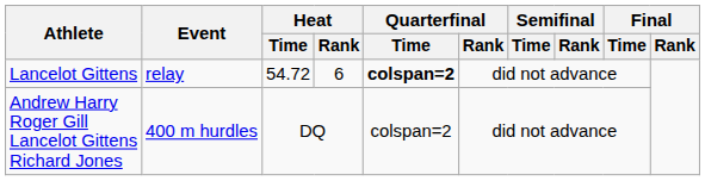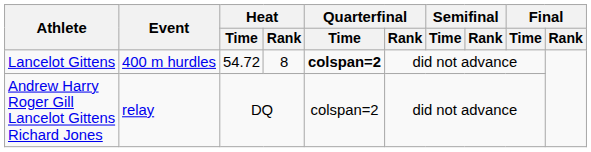 <table class=wikitable style=font-size:90%;text-align:center>
 <tr>
 <th rowspan=2>Athlete</th>
 <th rowspan=2>Event</th>
 <th colspan=2>Heat</th>
 <th colspan=2>Quarterfinal</th>
 <th colspan=2>Semifinal</th>
 <th colspan=2>Final</th>
 </tr>
 <tr style=font-size:95%>
 <th>Time</th>
 <th>Rank</th>
 <th>Time</th>
 <th>Rank</th>
 <th>Time</th>
 <th>Rank</th>
 <th>Time</th>
 <th>Rank</th>
 </tr>
 <tr>
 <td align=left><a href='#'>Lancelot Gittens</a></td>
-<td align=left><a href='#'> relay</a></td>
+<td align=left><a href='#'>400 m hurdles</a></td>
 <td>54.72</td>
-<td>6</td>
+<td>8</td>
 <td><strong>colspan=2 </strong></td>
 <td colspan=4>did not advance</td>
 </tr>
 <tr>
 <td align=left><a href='#'>Andrew Harry</a><br><a href='#'>Roger Gill</a><br><a href='#'>Lancelot Gittens</a><br><a href='#'>Richard Jones</a></td>
-<td align=left><a href='#'>400 m hurdles</a></td>
+<td align=left><a href='#'> relay</a></td>
 <td colspan=2>DQ</td>
 <td>colspan=2 </td>
 <td colspan=4>did not advance</td>
 </tr>
 </table>
